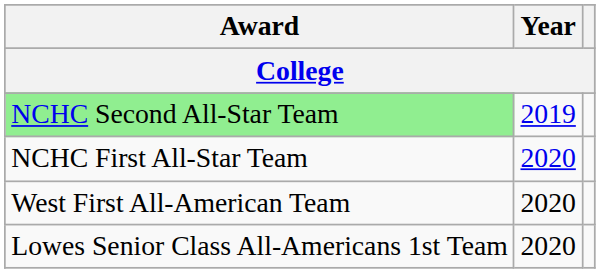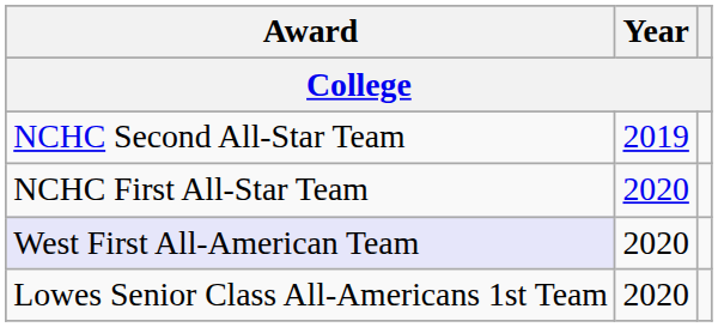 <table class="wikitable">
 <tr>
 <th>Award</th>
 <th>Year</th>
 <th></th>
 </tr>
 <tr>
 <th colspan="3"><a href='#'>College</a></th>
 </tr>
 <tr>
-<td style="background: lightgreen;"><a href='#'>NCHC</a> Second All-Star Team</td>
+<td><a href='#'>NCHC</a> Second All-Star Team</td>
 <td><a href='#'>2019</a></td>
 <td></td>
 </tr>
 <tr>
 <td>NCHC First All-Star Team</td>
 <td><a href='#'>2020</a></td>
 <td></td>
 </tr>
 <tr>
-<td>West First All-American Team</td>
+<td style="background: lavender;">West First All-American Team</td>
 <td>2020</td>
 <td></td>
 </tr>
 <tr>
 <td>Lowes Senior Class All-Americans 1st Team</td>
 <td>2020</td>
 <td></td>
 </tr>
 </table>
